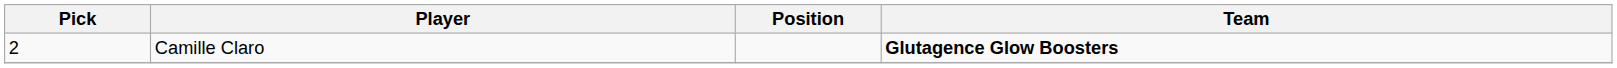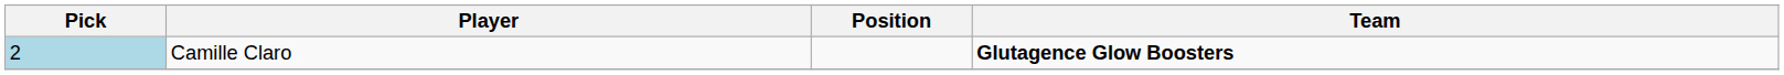 <table class="wikitable sortable">
 <tr>
 <th style="width:5%;">Pick</th>
 <th style="width:20%;">Player</th>
 <th style="width:5%;">Position</th>
 <th style="width:25%;">Team</th>
 </tr>
 <tr>
-<td>2</td>
+<td style="background: lightblue;">2</td>
 <td>Camille Claro</td>
 <td></td>
 <td><strong>Glutagence Glow Boosters</strong></td>
 </tr>
 <tr>
 </tr>
 </table>
